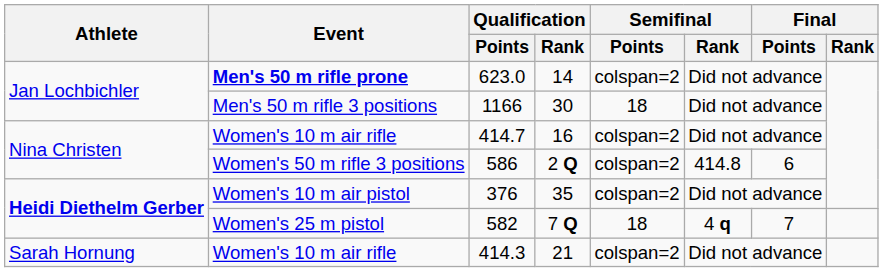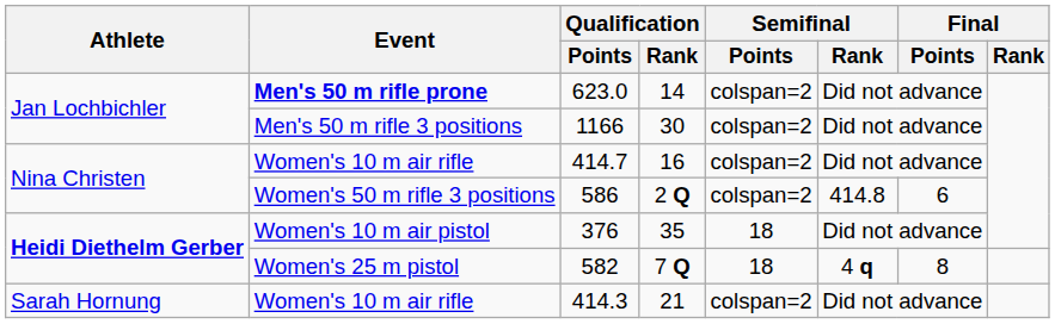 <table class="wikitable" style="font-size:90%">
 <tr>
 <th rowspan="2">Athlete</th>
 <th rowspan="2">Event</th>
 <th colspan=2>Qualification</th>
 <th colspan=2>Semifinal</th>
 <th colspan=2>Final</th>
 </tr>
 <tr style="font-size:95%">
 <th>Points</th>
 <th>Rank</th>
 <th>Points</th>
 <th>Rank</th>
 <th>Points</th>
 <th>Rank</th>
 </tr>
 <tr align=center>
 <td align=left rowspan=2><a href='#'>Jan Lochbichler</a></td>
 <td align=left><strong><a href='#'>Men's 50 m rifle prone</a></strong></td>
 <td>623.0</td>
 <td>14</td>
 <td>colspan=2 </td>
 <td colspan=2>Did not advance</td>
 </tr>
 <tr align=center>
 <td align=left><a href='#'>Men's 50 m rifle 3 positions</a></td>
 <td>1166</td>
 <td>30</td>
-<td>18</td>
+<td>colspan=2 </td>
 <td colspan=2>Did not advance</td>
 </tr>
 <tr align=center>
 <td align=left rowspan=2><a href='#'>Nina Christen</a></td>
 <td align=left><a href='#'>Women's 10 m air rifle</a></td>
 <td>414.7</td>
 <td>16</td>
 <td>colspan=2 </td>
 <td colspan=2>Did not advance</td>
 </tr>
 <tr align=center>
 <td align=left><a href='#'>Women's 50 m rifle 3 positions</a></td>
 <td>586</td>
 <td>2 <strong>Q</strong></td>
 <td>colspan=2 </td>
 <td>414.8</td>
 <td>6</td>
 </tr>
 <tr align=center>
 <td align=left rowspan=2><strong><a href='#'>Heidi Diethelm Gerber</a></strong></td>
 <td align=left><a href='#'>Women's 10 m air pistol</a></td>
 <td>376</td>
 <td>35</td>
-<td>colspan=2 </td>
+<td>18</td>
 <td colspan=2>Did not advance</td>
 </tr>
 <tr align=center>
 <td align=left><a href='#'>Women's 25 m pistol</a></td>
 <td>582</td>
 <td>7 <strong>Q</strong></td>
 <td>18</td>
 <td>4 <strong>q</strong></td>
-<td>7</td>
+<td>8</td>
 <td></td>
 </tr>
 <tr align=center>
 <td align=left><a href='#'>Sarah Hornung</a></td>
 <td align=left><a href='#'>Women's 10 m air rifle</a></td>
 <td>414.3</td>
 <td>21</td>
 <td>colspan=2 </td>
 <td colspan=2>Did not advance</td>
 </tr>
 </table>
